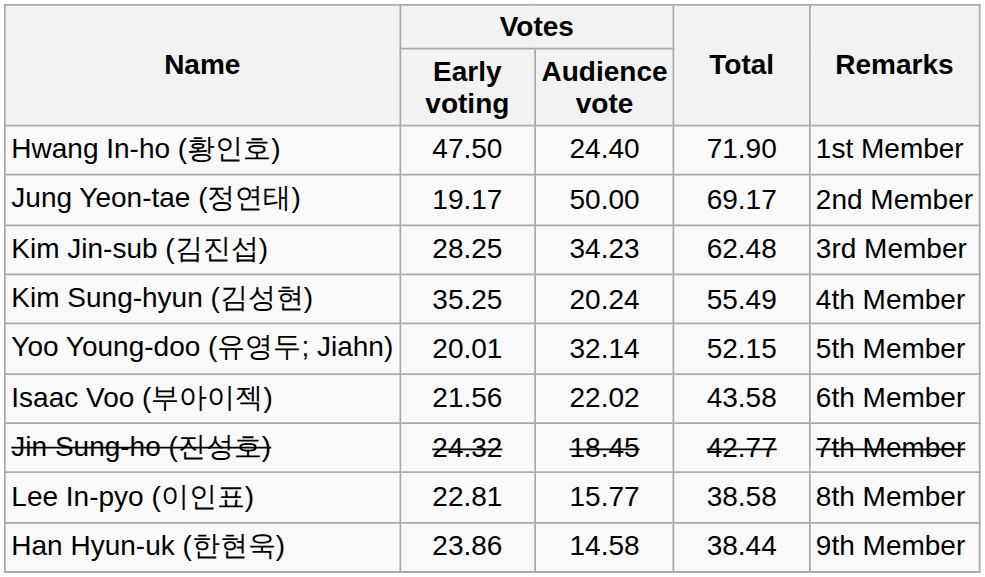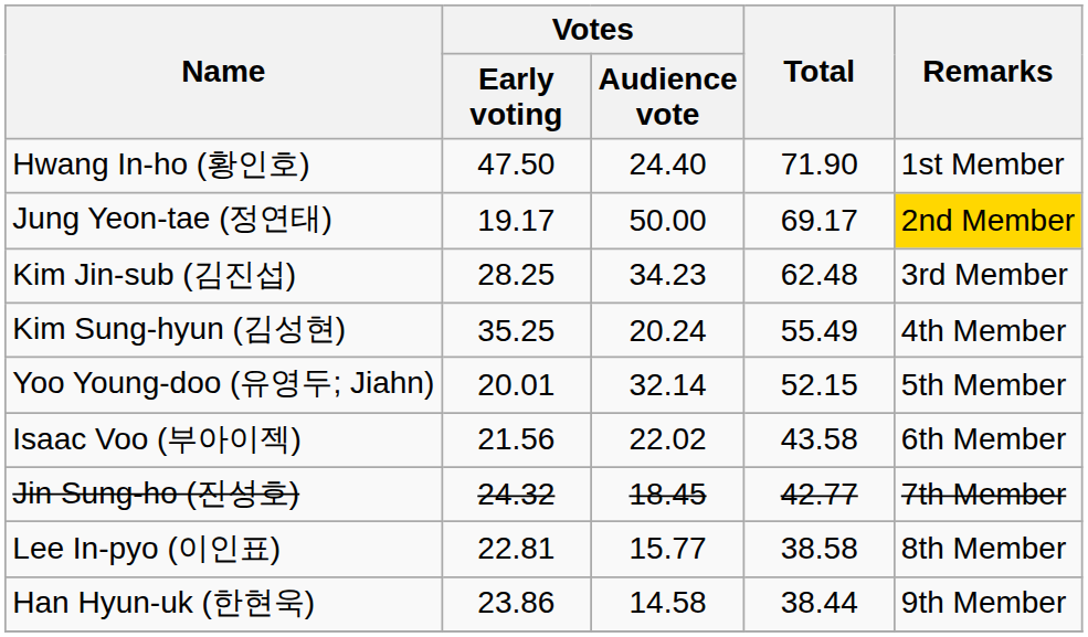 <table class="wikitable sortable">
 <tr>
 <th rowspan="2">Name</th>
 <th colspan="2">Votes</th>
 <th rowspan="2" align="center" width="70px">Total</th>
 <th rowspan="2">Remarks</th>
 </tr>
 <tr>
 <th align="center" width="70px">Early voting</th>
 <th align="center" width="70px">Audience vote</th>
 </tr>
 <tr>
 <td>Hwang In-ho (황인호)</td>
 <td align="center">47.50</td>
 <td align="center">24.40</td>
 <td align="center">71.90</td>
 <td>1st Member</td>
 </tr>
 <tr>
 <td>Jung Yeon-tae (정연태)</td>
 <td align="center">19.17</td>
 <td align="center">50.00</td>
 <td align="center">69.17</td>
-<td>2nd Member</td>
+<td style="background: gold;">2nd Member</td>
 </tr>
 <tr>
 <td>Kim Jin-sub (김진섭)</td>
 <td align="center">28.25</td>
 <td align="center">34.23</td>
 <td align="center">62.48</td>
 <td>3rd Member</td>
 </tr>
 <tr>
 <td>Kim Sung-hyun (김성현)</td>
 <td align="center">35.25</td>
 <td align="center">20.24</td>
 <td align="center">55.49</td>
 <td>4th Member</td>
 </tr>
 <tr>
 <td>Yoo Young-doo (유영두; Jiahn)</td>
 <td align="center">20.01</td>
 <td align="center">32.14</td>
 <td align="center">52.15</td>
 <td>5th Member</td>
 </tr>
 <tr>
 <td>Isaac Voo (부아이젝)</td>
 <td align="center">21.56</td>
 <td align="center">22.02</td>
 <td align="center">43.58</td>
 <td>6th Member</td>
 </tr>
 <tr>
 <td><del>Jin Sung-ho (진성호)</del></td>
 <td align="center"><del>24.32</del></td>
 <td align="center"><del>18.45</del></td>
 <td align="center"><del>42.77</del></td>
 <td><del>7th Member</del></td>
 </tr>
 <tr>
 <td>Lee In-pyo (이인표)</td>
 <td align="center">22.81</td>
 <td align="center">15.77</td>
 <td align="center">38.58</td>
 <td>8th Member</td>
 </tr>
 <tr>
 <td>Han Hyun-uk (한현욱)</td>
 <td align="center">23.86</td>
 <td align="center">14.58</td>
 <td align="center">38.44</td>
 <td>9th Member</td>
 </tr>
 <tr>
 </tr>
 </table>
